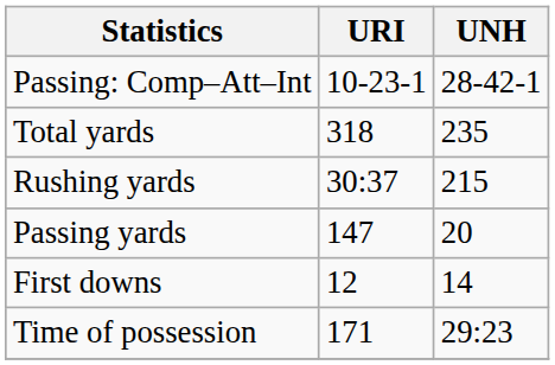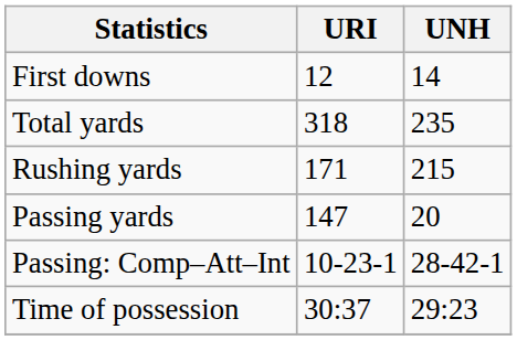 <table class="wikitable" style="float: left;">
 <tr>
 <th>Statistics</th>
 <th>URI</th>
 <th>UNH</th>
 </tr>
 <tr>
-<td>Passing: Comp–Att–Int</td>
-<td>10-23-1</td>
-<td>28-42-1</td>
+<td>First downs</td>
+<td>12</td>
+<td>14</td>
 </tr>
 <tr>
 <td>Total yards</td>
 <td>318</td>
 <td>235</td>
 </tr>
 <tr>
 <td>Rushing yards</td>
-<td>30:37</td>
+<td>171</td>
 <td>215</td>
 </tr>
 <tr>
 <td>Passing yards</td>
 <td>147</td>
 <td>20</td>
 </tr>
 <tr>
-<td>First downs</td>
-<td>12</td>
-<td>14</td>
+<td>Passing: Comp–Att–Int</td>
+<td>10-23-1</td>
+<td>28-42-1</td>
 </tr>
 <tr>
 <td>Time of possession</td>
-<td>171</td>
+<td>30:37</td>
 <td>29:23</td>
 </tr>
 <tr>
 </tr>
 </table>
